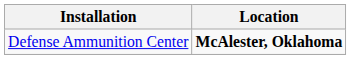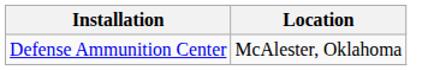 <table class=wikitable>
 <tr>
 <th>Installation</th>
 <th>Location</th>
 </tr>
 <tr>
 <td><a href='#'>Defense Ammunition Center</a></td>
-<td><strong>McAlester, Oklahoma</strong></td>
+<td>McAlester, Oklahoma</td>
 </tr>
 <tr>
 </tr>
 </table>
